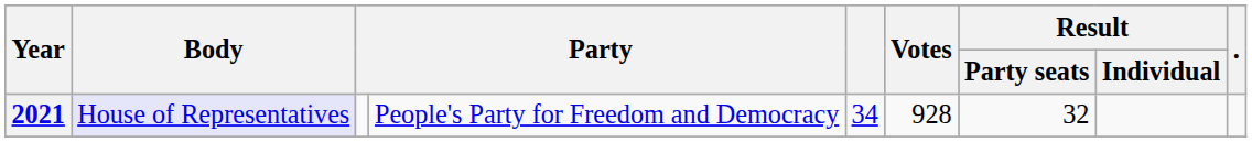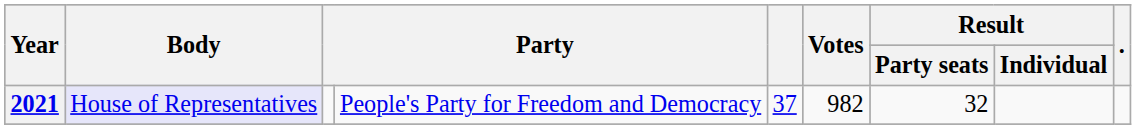 <table class="wikitable plainrowheaders sortable" border=2 cellpadding=4 cellspacing=0 style="border: 1px #aaa solid; font-size: 90%; text-align:center;">
 <tr>
 <th scope="col" rowspan=2>Year</th>
 <th scope="col" rowspan=2>Body</th>
 <th scope="col" colspan=2 rowspan=2>Party</th>
 <th scope="col" rowspan=2></th>
 <th scope="col" rowspan=2>Votes</th>
 <th scope="colgroup" colspan=2>Result</th>
 <th scope="col" rowspan=2 class="unsortable">.</th>
 </tr>
 <tr>
 <th scope="col">Party seats</th>
 <th scope="col">Individual</th>
 </tr>
 <tr>
 <th scope="row"><a href='#'>2021</a></th>
 <td style="background: lavender;"><a href='#'>House of Representatives</a></td>
 <td style="background-color:"></td>
 <td><a href='#'>People's Party for Freedom and Democracy</a></td>
-<td style=text-align:right><a href='#'>34</a></td>
-<td style=text-align:right>928</td>
+<td style=text-align:right><a href='#'>37</a></td>
+<td style=text-align:right>982</td>
 <td style=text-align:right>32</td>
 <td></td>
 <td></td>
 </tr>
 </table>
